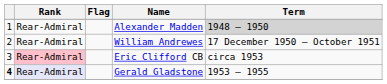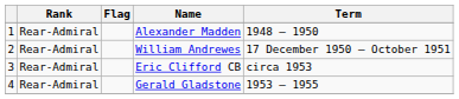 <table class="wikitable">
 <tr>
 <th></th>
 <th>Rank</th>
 <th>Flag</th>
 <th>Name</th>
 <th>Term</th>
 </tr>
 <tr>
 </tr>
 <tr>
 <td>1</td>
 <td>Rear-Admiral</td>
 <td></td>
 <td><a href='#'>Alexander Madden</a></td>
-<td style="background: lightgrey;">1948 – 1950</td>
+<td>1948 – 1950</td>
 </tr>
 <tr>
 <td>2</td>
 <td>Rear-Admiral</td>
 <td></td>
 <td><a href='#'>William Andrewes</a></td>
 <td>17 December 1950 – October 1951</td>
 </tr>
 <tr>
 <td>3</td>
-<td style="background: pink;">Rear-Admiral</td>
+<td>Rear-Admiral</td>
 <td></td>
 <td><a href='#'>Eric Clifford</a> CB</td>
 <td>circa 1953 </td>
 </tr>
 <tr>
-<td><strong>4</strong></td>
-<td style="background: lavender;">Rear-Admiral</td>
+<td>4</td>
+<td>Rear-Admiral</td>
 <td></td>
 <td><a href='#'>Gerald Gladstone</a></td>
 <td>1953 – 1955</td>
 </tr>
 <tr>
 </tr>
 </table>
